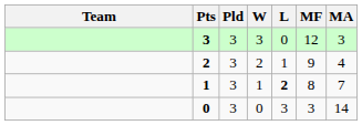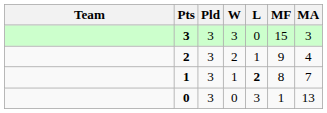 <table class=wikitable style="text-align:center">
 <tr>
 <th width=200>Team</th>
 <th width=20>Pts</th>
 <th width=20>Pld</th>
 <th width=20>W</th>
 <th width=20>L</th>
 <th width=20>MF</th>
 <th width=20>MA</th>
 </tr>
 <tr bgcolor=ccffcc>
 <td style="text-align:left"><strong></strong></td>
 <td><strong>3</strong></td>
 <td>3</td>
 <td>3</td>
 <td>0</td>
-<td>12</td>
+<td>15</td>
 <td>3</td>
 </tr>
 <tr>
 <td style="text-align:left"></td>
 <td><strong>2</strong></td>
 <td>3</td>
 <td>2</td>
 <td>1</td>
 <td>9</td>
 <td>4</td>
 </tr>
 <tr>
 <td style="text-align:left"></td>
 <td><strong>1</strong></td>
 <td>3</td>
 <td>1</td>
 <td><strong>2</strong></td>
 <td>8</td>
 <td>7</td>
 </tr>
 <tr>
 <td style="text-align:left"></td>
 <td><strong>0</strong></td>
 <td>3</td>
 <td>0</td>
 <td>3</td>
-<td>3</td>
-<td>14</td>
+<td>1</td>
+<td>13</td>
 </tr>
 </table>
